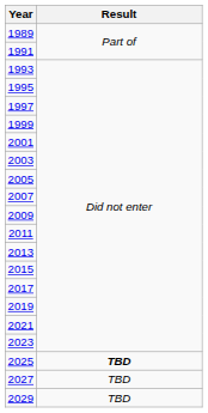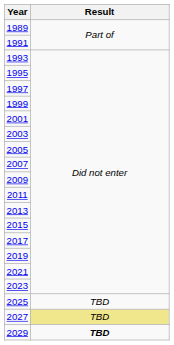 <table class="wikitable" style="text-align: center; font-size:90%">
 <tr>
 <th>Year</th>
 <th style="width:200px">Result</th>
 </tr>
 <tr>
 <td> <a href='#'>1989</a></td>
 <td rowspan="2"><em>Part of </em></td>
 </tr>
 <tr>
 <td> <a href='#'>1991</a></td>
 </tr>
 <tr>
 <td> <a href='#'>1993</a></td>
 <td rowspan="16"><em>Did not enter</em></td>
 </tr>
 <tr>
 <td> <a href='#'>1995</a></td>
 </tr>
 <tr>
 <td> <a href='#'>1997</a></td>
 </tr>
 <tr>
 <td> <a href='#'>1999</a></td>
 </tr>
 <tr>
 <td> <a href='#'>2001</a></td>
 </tr>
 <tr>
 <td> <a href='#'>2003</a></td>
 </tr>
 <tr>
 <td> <a href='#'>2005</a></td>
 </tr>
 <tr>
 <td> <a href='#'>2007</a></td>
 </tr>
 <tr>
 <td> <a href='#'>2009</a></td>
 </tr>
 <tr>
 <td> <a href='#'>2011</a></td>
 </tr>
 <tr>
 <td> <a href='#'>2013</a></td>
 </tr>
 <tr>
 <td> <a href='#'>2015</a></td>
 </tr>
 <tr>
 <td> <a href='#'>2017</a></td>
 </tr>
 <tr>
 <td> <a href='#'>2019</a></td>
 </tr>
 <tr>
 <td> <a href='#'>2021</a></td>
 </tr>
 <tr>
 <td> <a href='#'>2023</a></td>
 </tr>
 <tr>
 <td> <a href='#'>2025</a></td>
-<td><strong><em>TBD</em></strong></td>
+<td><em>TBD</em></td>
 </tr>
 <tr>
 <td> <a href='#'>2027</a></td>
-<td><em>TBD</em></td>
+<td style="background: khaki;"><em>TBD</em></td>
 </tr>
 <tr>
 <td> <a href='#'>2029</a></td>
-<td><em>TBD</em></td>
+<td><strong><em>TBD</em></strong></td>
 </tr>
 </table>
